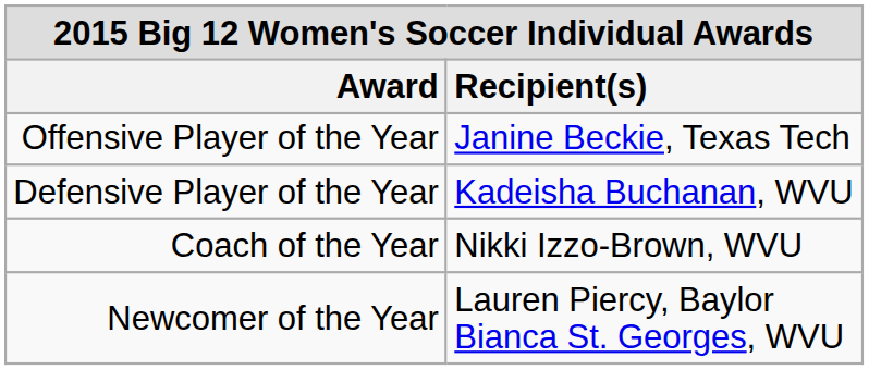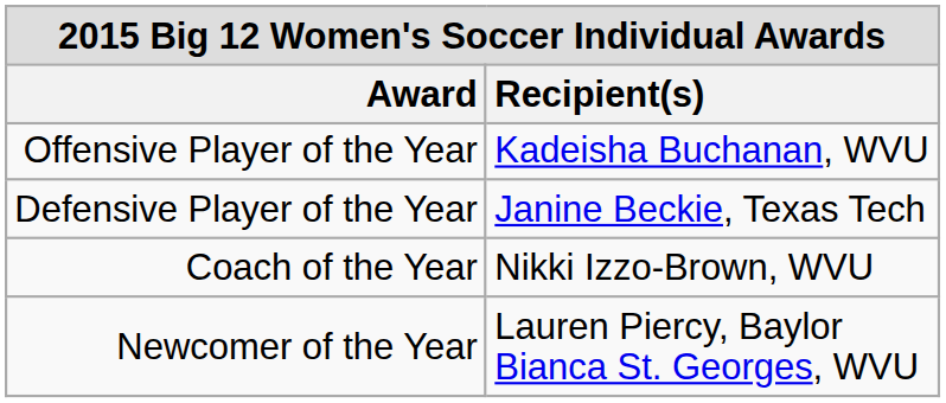 <table class="wikitable" style="white-space:nowrap; font-size:90%;">
 <tr>
 <td colspan="7" style="text-align:center; background:#ddd;"><strong>2015 Big 12 Women's Soccer Individual Awards</strong></td>
 </tr>
 <tr>
 <th style="text-align:right;">Award</th>
 <th style="text-align:left;">Recipient(s)</th>
 </tr>
 <tr>
 <td style="text-align:right;">Offensive Player of the Year</td>
-<td style="text-align:left;"><a href='#'>Janine Beckie</a>, Texas Tech</td>
+<td style="text-align:left;"><a href='#'>Kadeisha Buchanan</a>, WVU</td>
 </tr>
 <tr>
 <td style="text-align:right;">Defensive Player of the Year</td>
-<td style="text-align:left;"><a href='#'>Kadeisha Buchanan</a>, WVU</td>
+<td style="text-align:left;"><a href='#'>Janine Beckie</a>, Texas Tech</td>
 </tr>
 <tr>
 <td style="text-align:right;">Coach of the Year</td>
 <td style="text-align:left;">Nikki Izzo-Brown, WVU</td>
 </tr>
 <tr>
 <td style="text-align:right;">Newcomer of the Year</td>
 <td style="text-align:left;">Lauren Piercy, Baylor<br><a href='#'>Bianca St. Georges</a>, WVU</td>
 </tr>
 </table>
